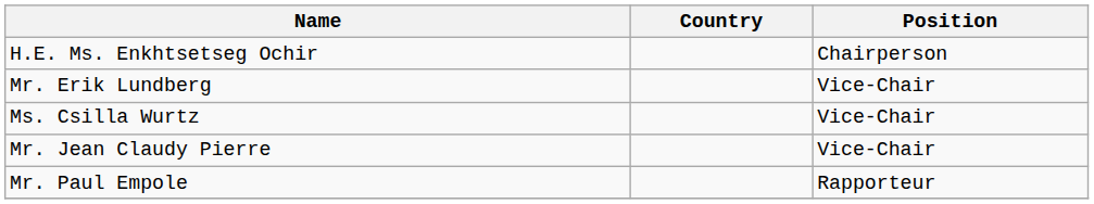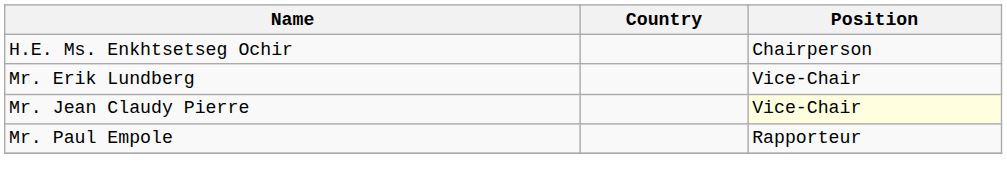 <table class="wikitable" style="display: inline-table; width: 45%">
 <tr>
 <th>Name</th>
 <th>Country</th>
 <th>Position</th>
 </tr>
 <tr>
 <td>H.E. Ms. Enkhtsetseg Ochir</td>
 <td></td>
 <td>Chairperson</td>
 </tr>
 <tr>
 <td>Mr. Erik Lundberg</td>
 <td></td>
 <td>Vice-Chair</td>
 </tr>
 <tr>
-<td>Ms. Csilla Wurtz</td>
-<td></td>
-<td>Vice-Chair</td>
-</tr>
-<tr>
 <td>Mr. Jean Claudy Pierre</td>
 <td></td>
-<td>Vice-Chair</td>
+<td style="background: lightyellow;">Vice-Chair</td>
 </tr>
 <tr>
 <td>Mr. Paul Empole</td>
 <td></td>
 <td>Rapporteur</td>
 </tr>
 <tr>
 </tr>
 </table>
